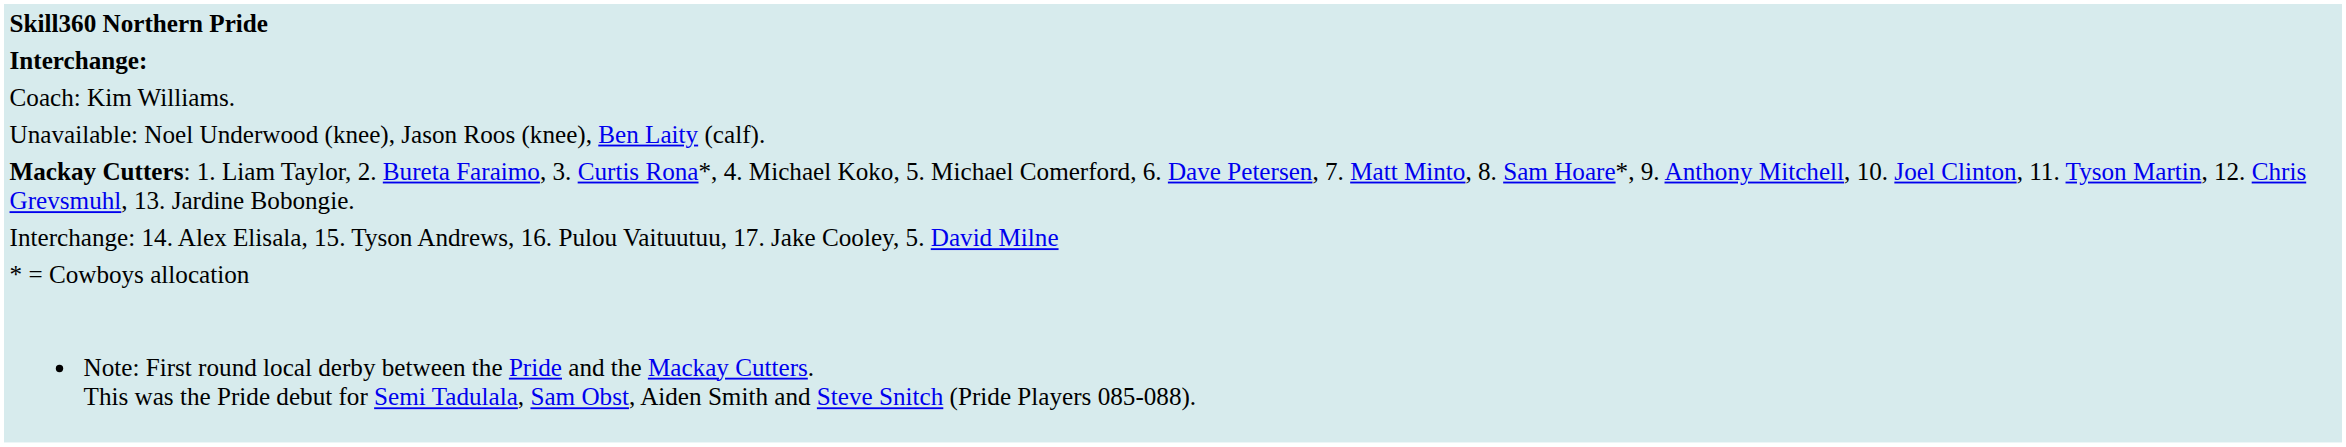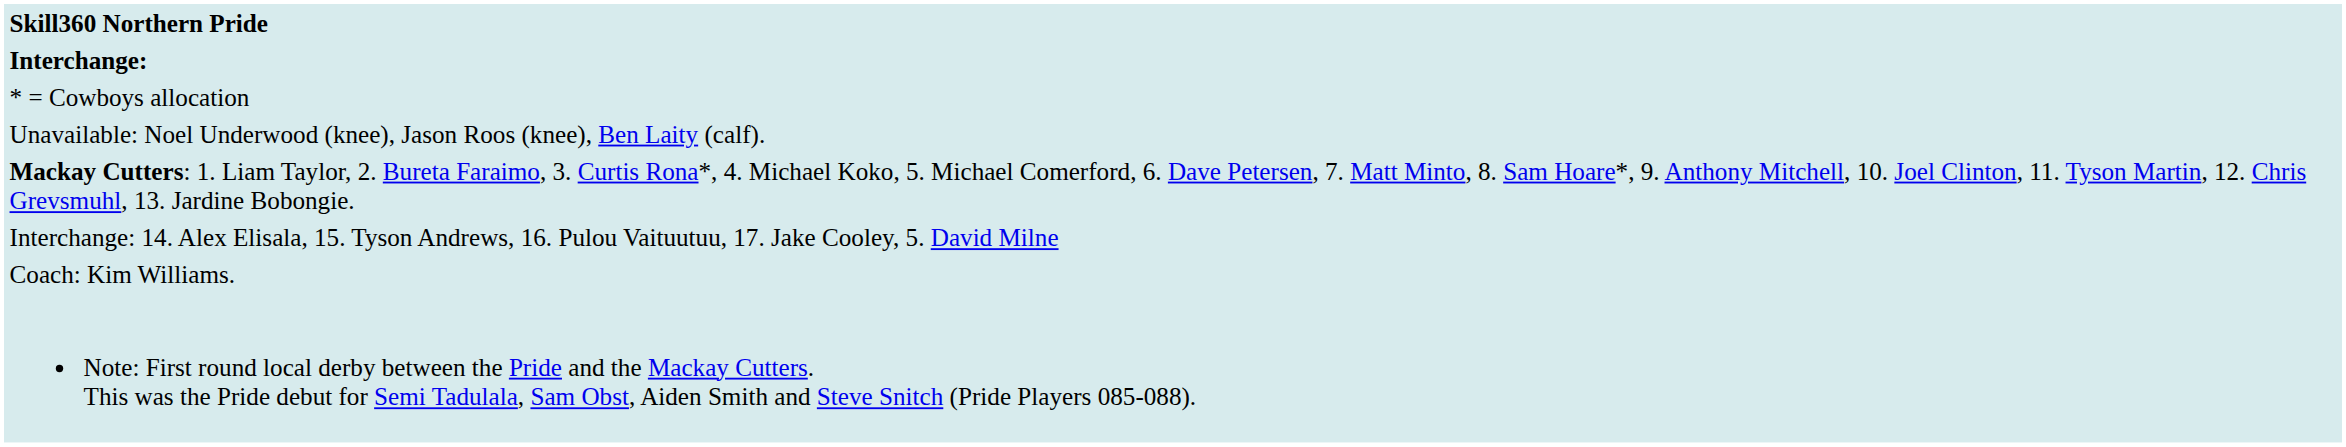 <table style="background:#d7ebed; font-size:85%; width:100%;">
 <tr>
 <td><strong>Skill360 Northern Pride</strong>             </td>
 </tr>
 <tr>
 <td><strong>Interchange:    </strong></td>
 </tr>
 <tr>
-<td>Coach: Kim Williams.</td>
+<td>* = Cowboys allocation</td>
 </tr>
 <tr>
 <td>Unavailable: Noel Underwood (knee), Jason Roos (knee), <a href='#'>Ben Laity</a> (calf).</td>
 </tr>
 <tr>
 <td><strong>Mackay Cutters</strong>: 1. Liam Taylor, 2. <a href='#'>Bureta Faraimo</a>, 3. <a href='#'>Curtis Rona</a>*, 4. Michael Koko, 5. Michael Comerford, 6. <a href='#'>Dave Petersen</a>, 7. <a href='#'>Matt Minto</a>, 8. <a href='#'>Sam Hoare</a>*, 9. <a href='#'>Anthony Mitchell</a>, 10. <a href='#'>Joel Clinton</a>, 11. <a href='#'>Tyson Martin</a>, 12. <a href='#'>Chris Grevsmuhl</a>, 13. Jardine Bobongie.</td>
 </tr>
 <tr>
 <td>Interchange: 14. Alex Elisala, 15. Tyson Andrews, 16. Pulou Vaituutuu, 17. Jake Cooley, 5. <a href='#'>David Milne</a></td>
 </tr>
 <tr>
-<td>* = Cowboys allocation</td>
+<td>Coach: Kim Williams.</td>
 </tr>
 <tr>
 <td><br><ul><li>Note: First round local derby between the <a href='#'>Pride</a> and the <a href='#'>Mackay Cutters</a>.<br>This was the Pride debut for <a href='#'>Semi Tadulala</a>, <a href='#'>Sam Obst</a>, Aiden Smith and <a href='#'>Steve Snitch</a> (Pride Players 085-088).</li></ul></td>
 </tr>
 </table>
